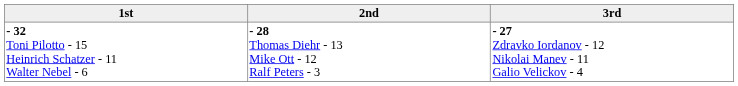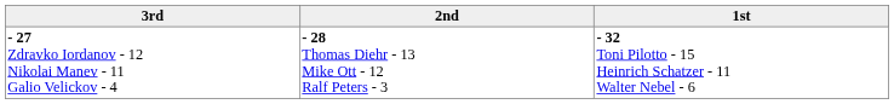 <table border="1" cellpadding="2" cellspacing="0" style="width:75%; border-collapse:collapse">
 <tr style="text-align:left; background:#efefef;">
+<th width=15% align=center >3rd</th>
+<th width=15% align=center >2nd</th>
 <th width=15% align=center >1st</th>
-<th width=15% align=center >2nd</th>
-<th width=15% align=center >3rd</th>
 </tr>
 <tr align=left>
+<td valign=top align=left ><strong> - 27</strong><br><a href='#'>Zdravko Iordanov</a> - 12<br><a href='#'>Nikolai Manev</a> - 11<br><a href='#'>Galio Velickov</a> - 4</td>
+<td valign=top align=left ><strong> - 28</strong><br><a href='#'>Thomas Diehr</a> - 13<br><a href='#'>Mike Ott</a> - 12<br><a href='#'>Ralf Peters</a> - 3</td>
 <td valign=top align=left ><strong> - 32</strong><br><a href='#'>Toni Pilotto</a> - 15<br><a href='#'>Heinrich Schatzer</a> - 11<br><a href='#'>Walter Nebel</a> - 6</td>
-<td valign=top align=left ><strong> - 28</strong><br><a href='#'>Thomas Diehr</a> - 13<br><a href='#'>Mike Ott</a> - 12<br><a href='#'>Ralf Peters</a> - 3</td>
-<td valign=top align=left ><strong> - 27</strong><br><a href='#'>Zdravko Iordanov</a> - 12<br><a href='#'>Nikolai Manev</a> - 11<br><a href='#'>Galio Velickov</a> - 4</td>
 </tr>
 </table>
